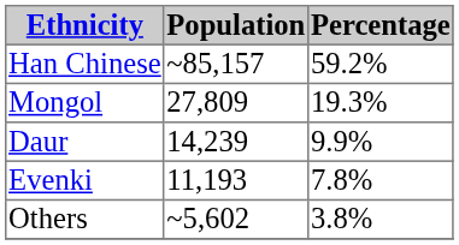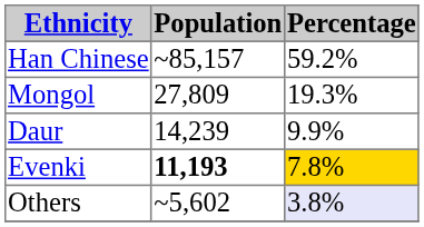 <table border="1" style="border-collapse: collapse;">
 <tr bgcolor="#cccccc">
 <th><a href='#'>Ethnicity</a></th>
 <th>Population</th>
 <th>Percentage</th>
 </tr>
 <tr>
 <td><a href='#'>Han Chinese</a></td>
 <td>~85,157</td>
 <td>59.2%</td>
 </tr>
 <tr>
 <td><a href='#'>Mongol</a></td>
 <td>27,809</td>
 <td>19.3%</td>
 </tr>
 <tr>
 <td><a href='#'>Daur</a></td>
 <td>14,239</td>
 <td>9.9%</td>
 </tr>
 <tr>
 <td><a href='#'>Evenki</a></td>
-<td>11,193</td>
-<td>7.8%</td>
+<td><strong>11,193</strong></td>
+<td style="background: gold;">7.8%</td>
 </tr>
 <tr>
 <td>Others</td>
 <td>~5,602</td>
-<td>3.8%</td>
+<td style="background: lavender;">3.8%</td>
 </tr>
 <tr>
 </tr>
 </table>
